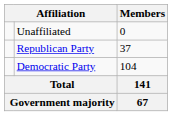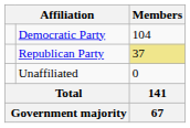 <table class="wikitable">
 <tr>
 <th colspan=2 rowspan=1 align="center" valign="top">Affiliation</th>
 <th style="vertical-align:top;">Members</th>
 </tr>
 <tr>
-<td></td>
-<td>Unaffiliated</td>
-<td>0</td>
+<td style="background-color:"> </td>
+<td><a href='#'>Democratic Party</a></td>
+<td>104</td>
 </tr>
 <tr>
 <td style="background-color:"> </td>
 <td><a href='#'>Republican Party</a></td>
-<td>37</td>
+<td style="background: khaki;">37</td>
 </tr>
 <tr>
-<td style="background-color:"> </td>
-<td><a href='#'>Democratic Party</a></td>
-<td>104</td>
+<td></td>
+<td>Unaffiliated</td>
+<td>0</td>
 </tr>
 <tr>
 <th colspan=2 rowspan=1> Total</th>
 <th><strong>141</strong></th>
 </tr>
 <tr>
 <th colspan=2 rowspan=1> Government majority</th>
 <th>67</th>
 </tr>
 </table>
